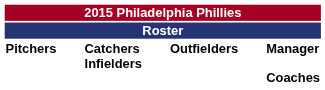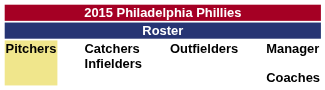 <table class="toccolours" style="font-size: 95%;">
 <tr>
 <th colspan="10" style="background:#a50024; color:#fff; text-align:center;">2015 Philadelphia Phillies</th>
 </tr>
 <tr>
 <td colspan="7" style="background:#263473; color:white; text-align:center;"><strong>Roster</strong></td>
 </tr>
 <tr>
-<td valign="top"><strong>Pitchers</strong><br>                            </td>
+<td valign="top" style="background: khaki;"><strong>Pitchers</strong><br>                            </td>
 <td style="width:25px;"></td>
 <td valign="top"><strong>Catchers</strong><br>   <strong>Infielders</strong>        </td>
 <td style="width:25px;"></td>
 <td valign="top"><strong>Outfielders</strong><br>         </td>
 <td style="width:25px;"></td>
 <td valign="top"><strong>Manager</strong><br> <br><strong>Coaches</strong>                      </td>
 </tr>
 </table>
